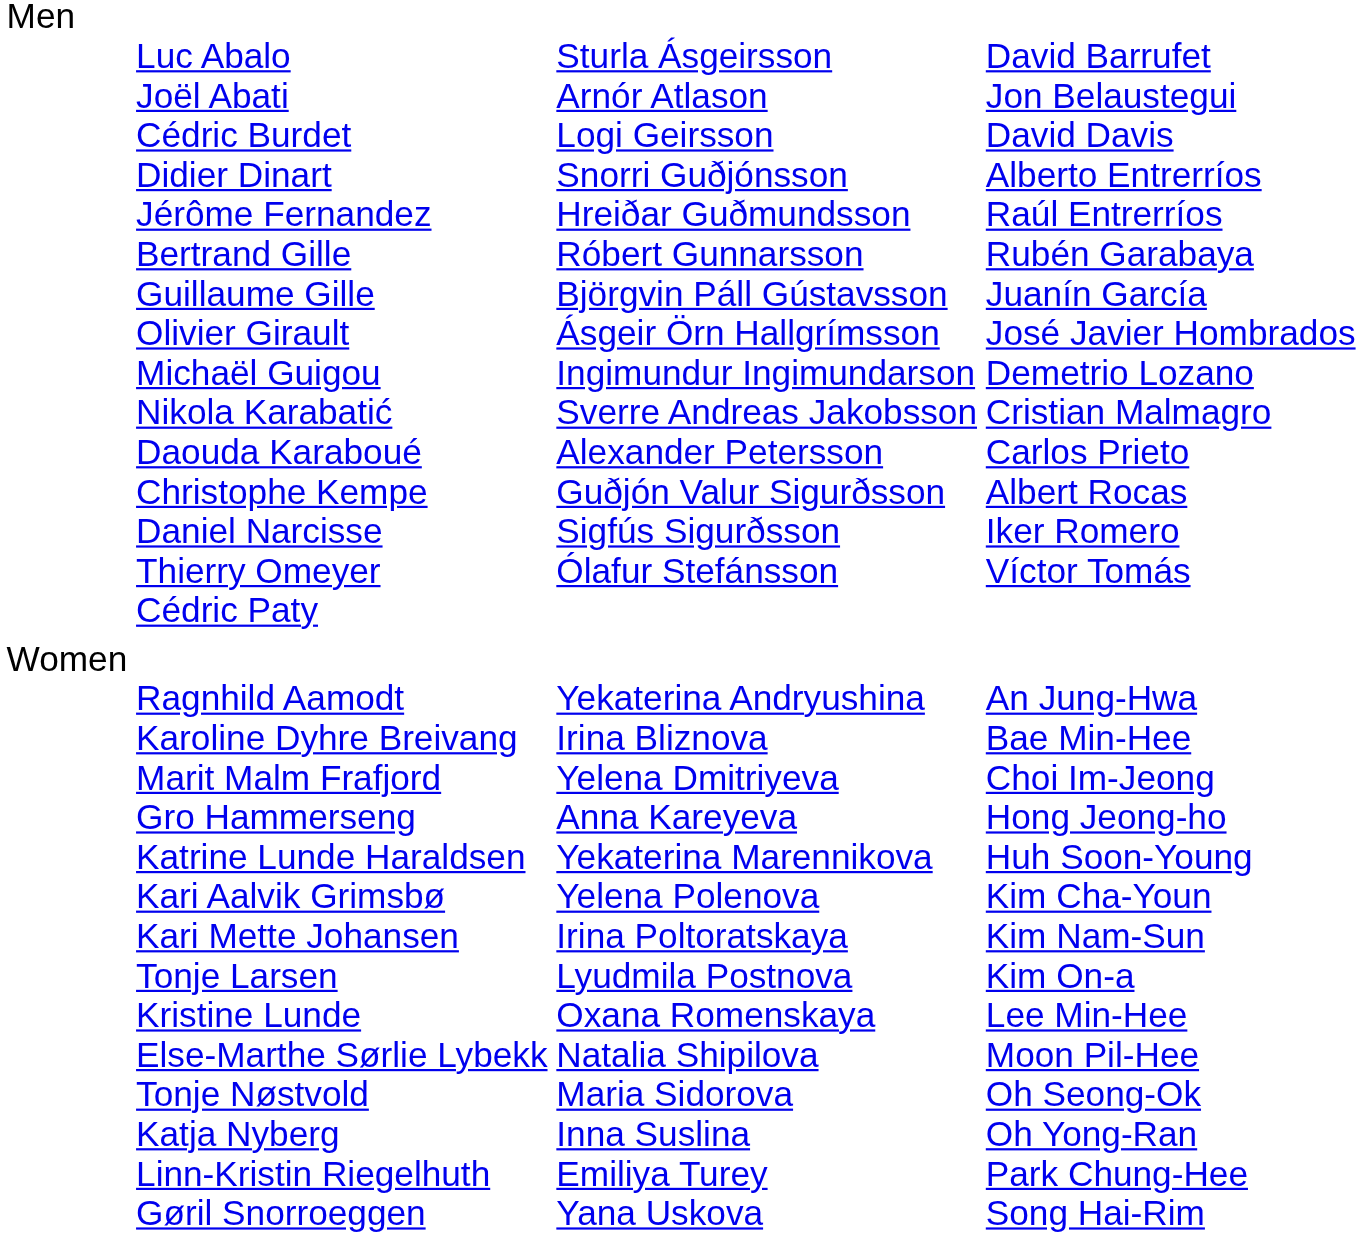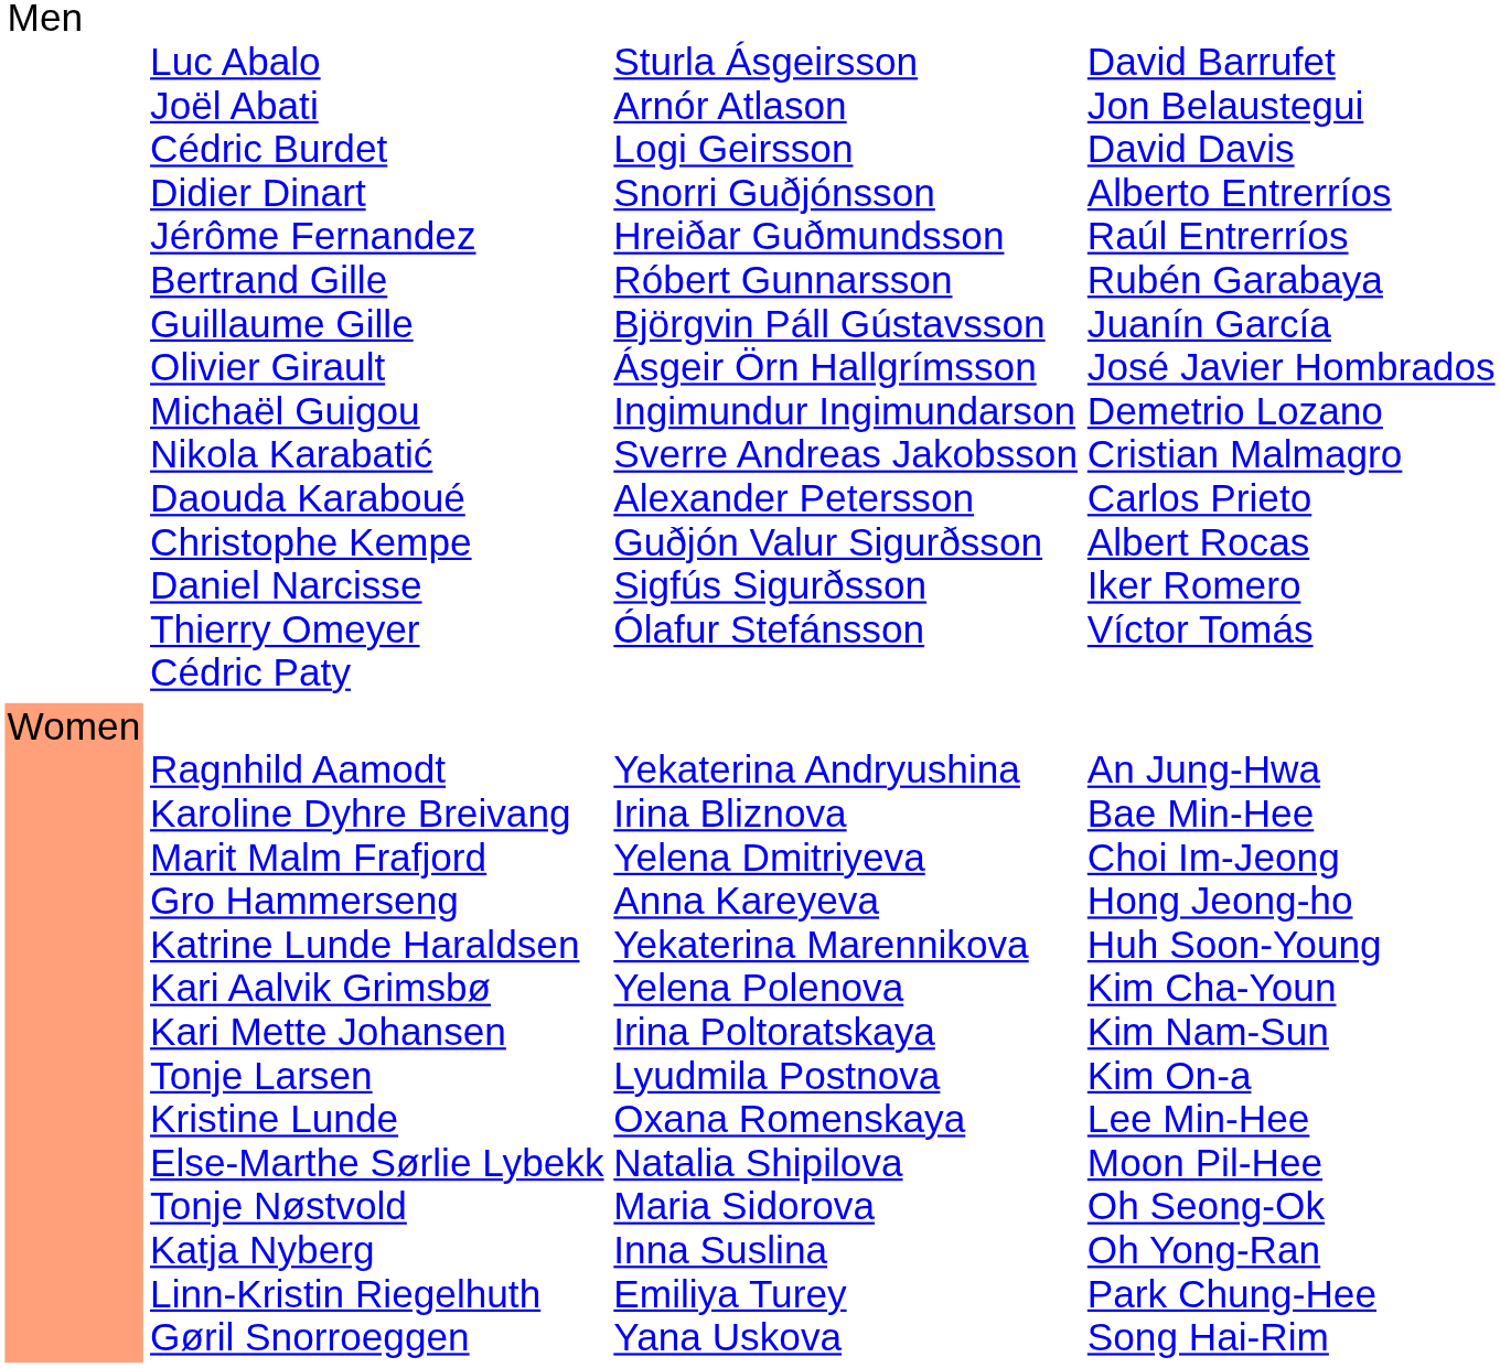 <table>
 <tr valign="top">
 <td>Men <br></td>
 <td><br><a href='#'>Luc Abalo</a><br><a href='#'>Joël Abati</a><br><a href='#'>Cédric Burdet</a><br><a href='#'>Didier Dinart</a><br><a href='#'>Jérôme Fernandez</a><br><a href='#'>Bertrand Gille</a><br><a href='#'>Guillaume Gille</a><br><a href='#'>Olivier Girault</a><br><a href='#'>Michaël Guigou</a><br><a href='#'>Nikola Karabatić</a><br><a href='#'>Daouda Karaboué</a><br><a href='#'>Christophe Kempe</a><br><a href='#'>Daniel Narcisse</a><br><a href='#'>Thierry Omeyer</a><br><a href='#'>Cédric Paty</a></td>
 <td><br><a href='#'>Sturla Ásgeirsson</a><br><a href='#'>Arnór Atlason</a><br><a href='#'>Logi Geirsson</a><br><a href='#'>Snorri Guðjónsson</a><br><a href='#'>Hreiðar Guðmundsson</a><br><a href='#'>Róbert Gunnarsson</a><br><a href='#'>Björgvin Páll Gústavsson</a><br><a href='#'>Ásgeir Örn Hallgrímsson</a><br><a href='#'>Ingimundur Ingimundarson</a><br><a href='#'>Sverre Andreas Jakobsson</a><br><a href='#'>Alexander Petersson</a><br><a href='#'>Guðjón Valur Sigurðsson</a><br><a href='#'>Sigfús Sigurðsson</a><br><a href='#'>Ólafur Stefánsson</a></td>
 <td><br><a href='#'>David Barrufet</a><br><a href='#'>Jon Belaustegui</a><br><a href='#'>David Davis</a><br><a href='#'>Alberto Entrerríos</a><br><a href='#'>Raúl Entrerríos</a><br><a href='#'>Rubén Garabaya</a><br><a href='#'>Juanín García</a><br><a href='#'>José Javier Hombrados</a><br><a href='#'>Demetrio Lozano</a><br><a href='#'>Cristian Malmagro</a><br><a href='#'>Carlos Prieto</a><br><a href='#'>Albert Rocas</a><br><a href='#'>Iker Romero</a><br><a href='#'>Víctor Tomás</a></td>
 </tr>
 <tr valign="top">
-<td>Women <br></td>
+<td style="background: lightsalmon;">Women <br></td>
 <td><br><a href='#'>Ragnhild Aamodt</a><br><a href='#'>Karoline Dyhre Breivang</a><br><a href='#'>Marit Malm Frafjord</a><br><a href='#'>Gro Hammerseng</a><br><a href='#'>Katrine Lunde Haraldsen</a><br><a href='#'>Kari Aalvik Grimsbø</a><br><a href='#'>Kari Mette Johansen</a><br><a href='#'>Tonje Larsen</a><br><a href='#'>Kristine Lunde</a><br><a href='#'>Else-Marthe Sørlie Lybekk</a><br><a href='#'>Tonje Nøstvold</a><br><a href='#'>Katja Nyberg</a><br><a href='#'>Linn-Kristin Riegelhuth</a><br><a href='#'>Gøril Snorroeggen</a></td>
 <td><br><a href='#'>Yekaterina Andryushina</a><br><a href='#'>Irina Bliznova</a><br><a href='#'>Yelena Dmitriyeva</a><br><a href='#'>Anna Kareyeva</a><br><a href='#'>Yekaterina Marennikova</a><br><a href='#'>Yelena Polenova</a><br><a href='#'>Irina Poltoratskaya</a><br><a href='#'>Lyudmila Postnova</a><br><a href='#'>Oxana Romenskaya</a><br><a href='#'>Natalia Shipilova</a><br><a href='#'>Maria Sidorova</a><br><a href='#'>Inna Suslina</a><br><a href='#'>Emiliya Turey</a><br><a href='#'>Yana Uskova</a></td>
 <td><br><a href='#'>An Jung-Hwa</a><br><a href='#'>Bae Min-Hee</a><br><a href='#'>Choi Im-Jeong</a><br><a href='#'>Hong Jeong-ho</a><br><a href='#'>Huh Soon-Young</a><br><a href='#'>Kim Cha-Youn</a><br><a href='#'>Kim Nam-Sun</a><br><a href='#'>Kim On-a</a><br><a href='#'>Lee Min-Hee</a><br><a href='#'>Moon Pil-Hee</a><br><a href='#'>Oh Seong-Ok</a><br><a href='#'>Oh Yong-Ran</a><br><a href='#'>Park Chung-Hee</a><br><a href='#'>Song Hai-Rim</a></td>
 </tr>
 </table>
